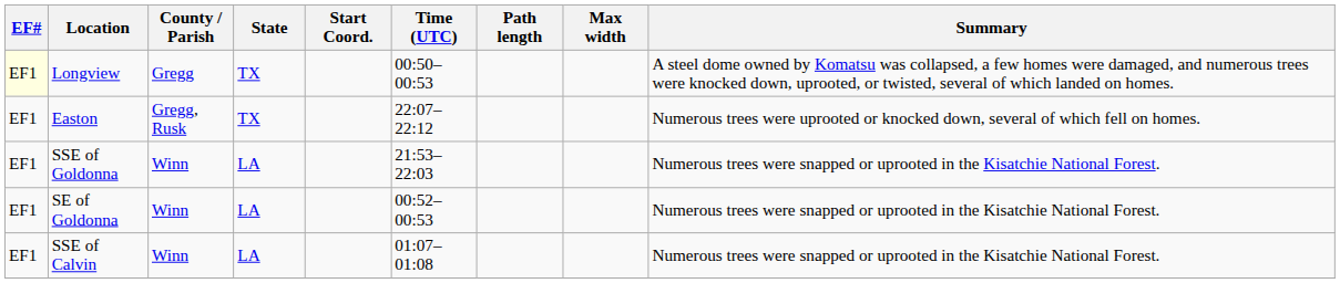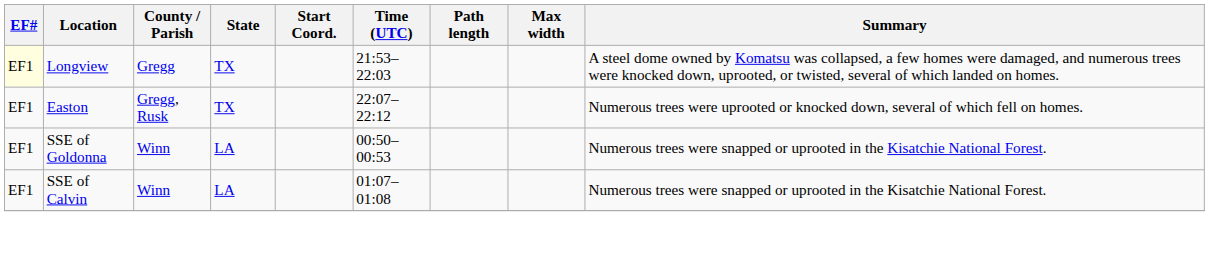 <table class="wikitable sortable" style="width:100%;">
 <tr>
 <th scope="col"  style="width:3%; text-align:center;"><a href='#'>EF#</a></th>
 <th scope="col"  style="width:7%; text-align:center;" class="unsortable">Location</th>
 <th scope="col"  style="width:6%; text-align:center;" class="unsortable">County / Parish</th>
 <th scope="col"  style="width:5%; text-align:center;">State</th>
 <th scope="col"  style="width:6%; text-align:center;">Start Coord.</th>
 <th scope="col"  style="width:6%; text-align:center;">Time (<a href='#'>UTC</a>)</th>
 <th scope="col"  style="width:6%; text-align:center;">Path length</th>
 <th scope="col"  style="width:6%; text-align:center;">Max width</th>
 <th scope="col" class="unsortable" style="width:48%; text-align:center;">Summary</th>
 </tr>
 <tr>
 <td style="background: lightyellow;">EF1</td>
 <td><a href='#'>Longview</a></td>
 <td><a href='#'>Gregg</a></td>
 <td><a href='#'>TX</a></td>
 <td></td>
-<td>00:50–00:53</td>
+<td>21:53–22:03</td>
 <td></td>
 <td></td>
 <td>A steel dome owned by <a href='#'>Komatsu</a> was collapsed, a few homes were damaged, and numerous trees were knocked down, uprooted, or twisted, several of which landed on homes.</td>
 </tr>
 <tr>
 <td>EF1</td>
 <td><a href='#'>Easton</a></td>
 <td><a href='#'>Gregg</a>, <a href='#'>Rusk</a></td>
 <td><a href='#'>TX</a></td>
 <td></td>
 <td>22:07–22:12</td>
 <td></td>
 <td></td>
 <td>Numerous trees were uprooted or knocked down, several of which fell on homes.</td>
 </tr>
 <tr>
 <td>EF1</td>
 <td>SSE of <a href='#'>Goldonna</a></td>
 <td><a href='#'>Winn</a></td>
 <td><a href='#'>LA</a></td>
 <td></td>
-<td>21:53–22:03</td>
+<td>00:50–00:53</td>
 <td></td>
 <td></td>
 <td>Numerous trees were snapped or uprooted in the <a href='#'>Kisatchie National Forest</a>.</td>
-</tr>
-<tr>
-<td>EF1</td>
-<td>SE of <a href='#'>Goldonna</a></td>
-<td><a href='#'>Winn</a></td>
-<td><a href='#'>LA</a></td>
-<td></td>
-<td>00:52–00:53</td>
-<td></td>
-<td></td>
-<td>Numerous trees were snapped or uprooted in the Kisatchie National Forest.</td>
 </tr>
 <tr>
 <td>EF1</td>
 <td>SSE of <a href='#'>Calvin</a></td>
 <td><a href='#'>Winn</a></td>
 <td><a href='#'>LA</a></td>
 <td></td>
 <td>01:07–01:08</td>
 <td></td>
 <td></td>
 <td>Numerous trees were snapped or uprooted in the Kisatchie National Forest.</td>
 </tr>
 <tr>
 </tr>
 </table>
